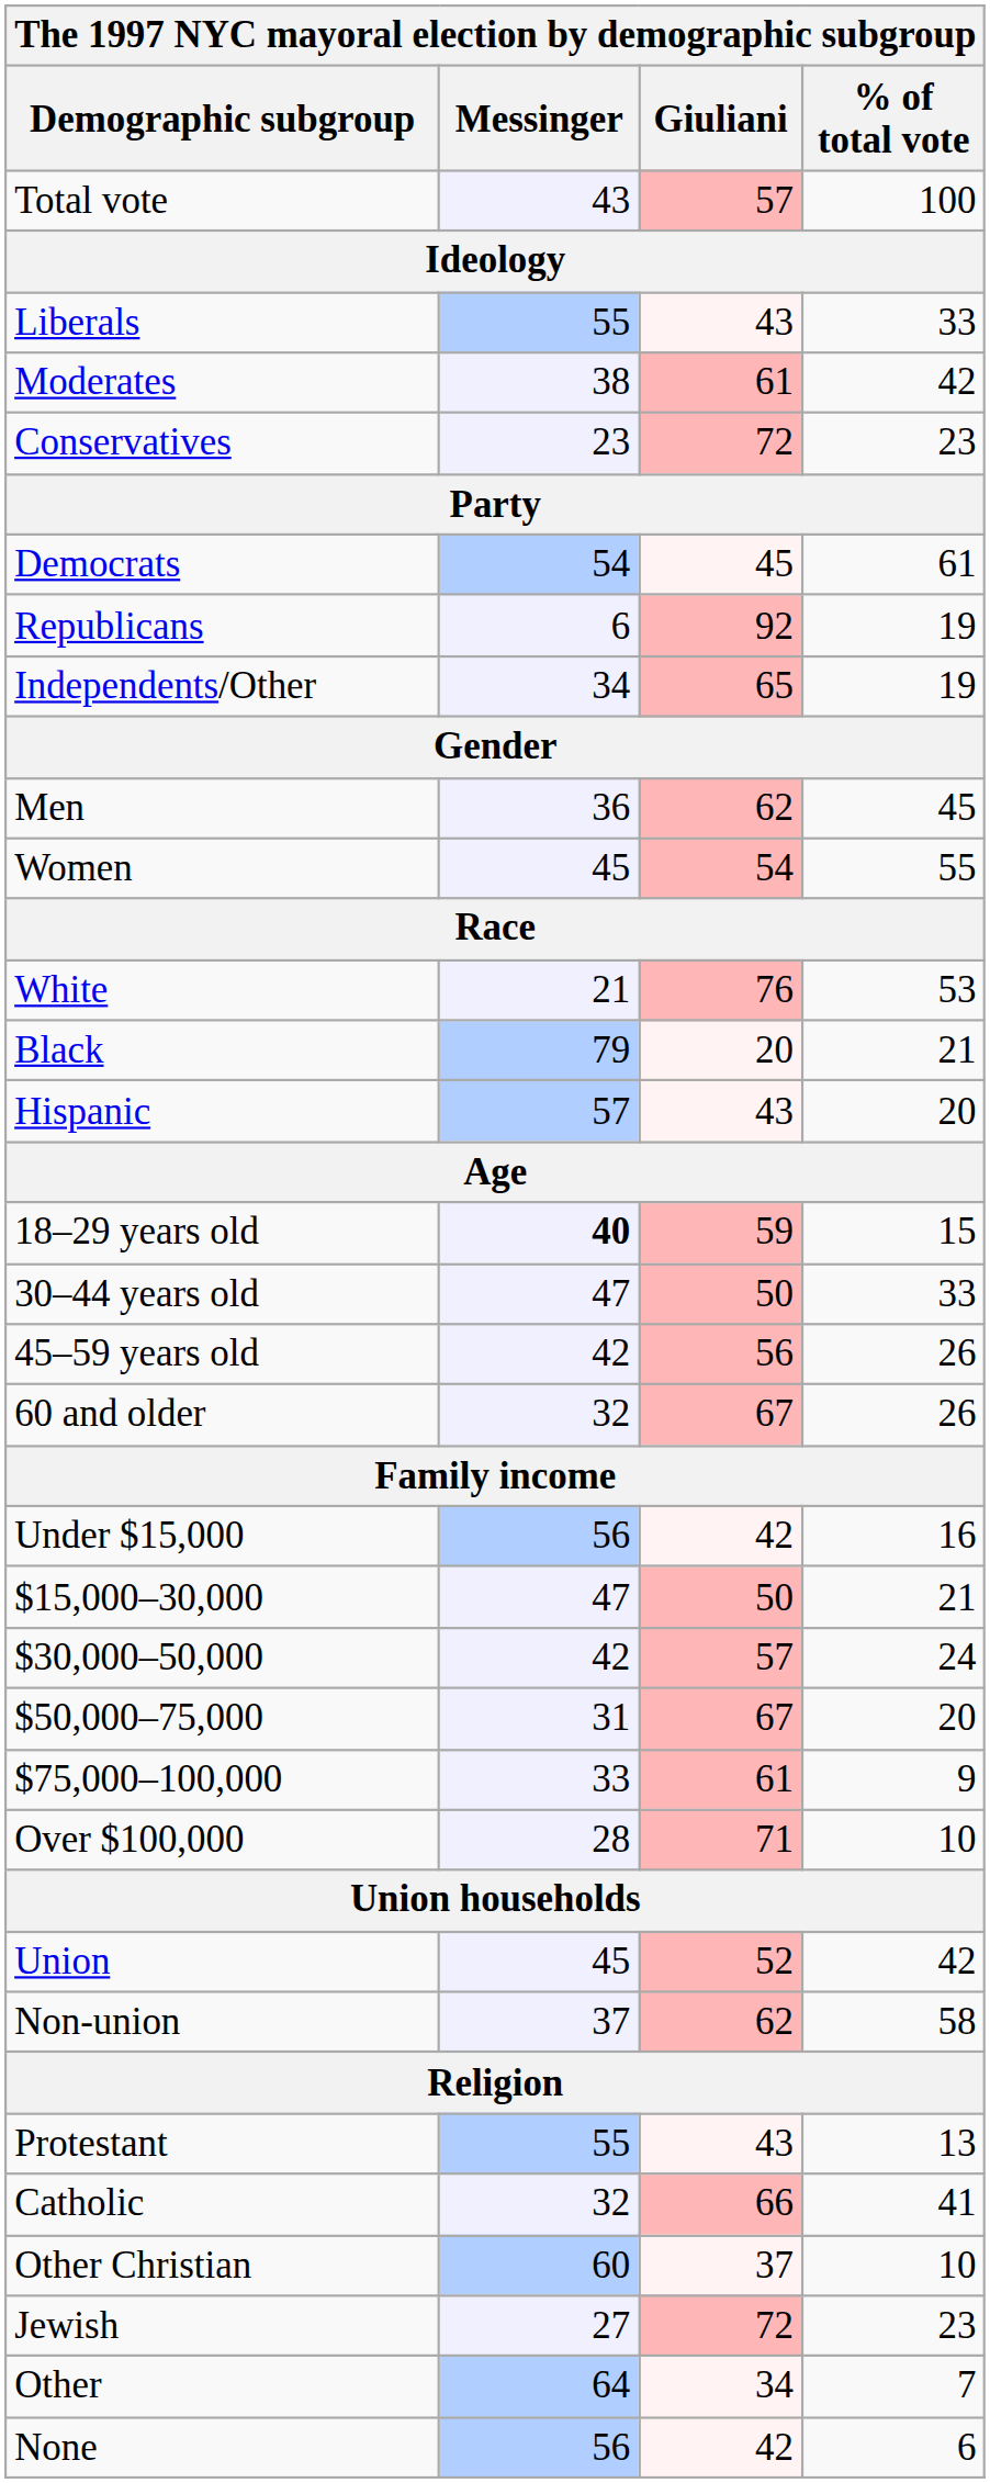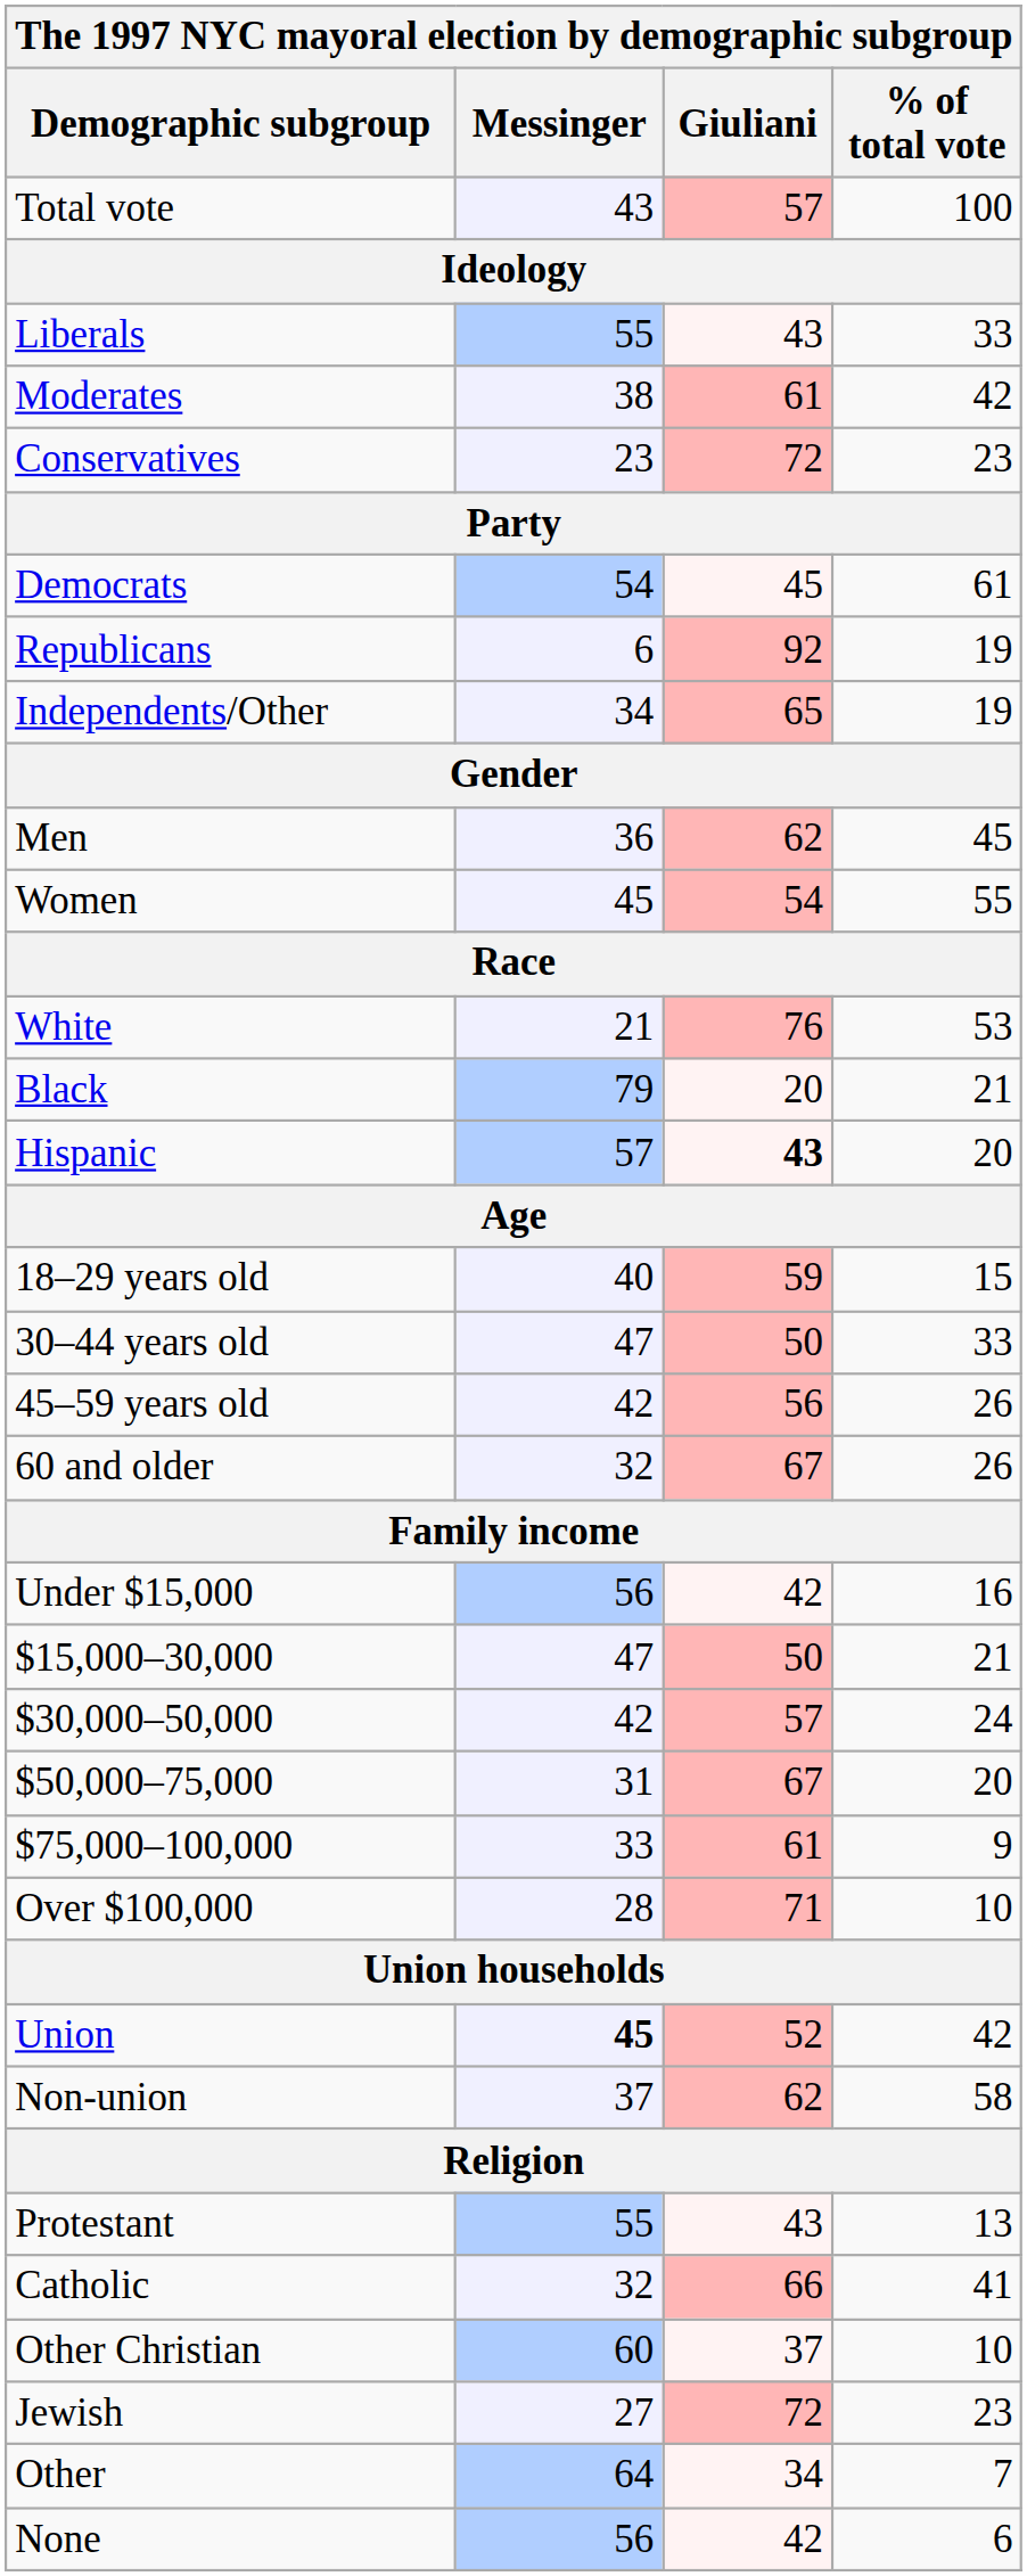 <table class=wikitable>
 <tr>
 <th colspan="8">The 1997 NYC mayoral election by demographic subgroup</th>
 </tr>
 <tr>
 <th>Demographic subgroup</th>
 <th>Messinger</th>
 <th>Giuliani</th>
 <th>% of<br>total vote</th>
 </tr>
 <tr>
 <td>Total vote</td>
 <td style="text-align:right; background:#f0f0ff;">43</td>
 <td style="text-align:right; background:#ffb6b6;">57</td>
 <td style="text-align:right;">100</td>
 </tr>
 <tr>
 <th colspan=5>Ideology</th>
 </tr>
 <tr>
 <td><a href='#'>Liberals</a></td>
 <td style="text-align:right; background:#b0ceff;">55</td>
 <td style="text-align:right; background:#fff3f3;">43</td>
 <td style="text-align:right;">33</td>
 </tr>
 <tr>
 <td><a href='#'>Moderates</a></td>
 <td style="text-align:right; background:#f0f0ff;">38</td>
 <td style="text-align:right; background:#ffb6b6;">61</td>
 <td style="text-align:right;">42</td>
 </tr>
 <tr>
 <td><a href='#'>Conservatives</a></td>
 <td style="text-align:right; background:#f0f0ff;">23</td>
 <td style="text-align:right; background:#ffb6b6;">72</td>
 <td style="text-align:right;">23</td>
 </tr>
 <tr>
 <th colspan=5>Party</th>
 </tr>
 <tr>
 <td><a href='#'>Democrats</a></td>
 <td style="text-align:right; background:#b0ceff;">54</td>
 <td style="text-align:right; background:#fff3f3;">45</td>
 <td style="text-align:right;">61</td>
 </tr>
 <tr>
 <td><a href='#'>Republicans</a></td>
 <td style="text-align:right; background:#f0f0ff;">6</td>
 <td style="text-align:right; background:#ffb6b6;">92</td>
 <td style="text-align:right;">19</td>
 </tr>
 <tr>
 <td><a href='#'>Independents</a>/Other</td>
 <td style="text-align:right; background:#f0f0ff;">34</td>
 <td style="text-align:right; background:#ffb6b6;">65</td>
 <td style="text-align:right;">19</td>
 </tr>
 <tr>
 <th colspan=5>Gender</th>
 </tr>
 <tr>
 <td>Men</td>
 <td style="text-align:right; background:#f0f0ff;">36</td>
 <td style="text-align:right; background:#ffb6b6;">62</td>
 <td style="text-align:right;">45</td>
 </tr>
 <tr>
 <td>Women</td>
 <td style="text-align:right; background:#f0f0ff;">45</td>
 <td style="text-align:right; background:#ffb6b6;">54</td>
 <td style="text-align:right;">55</td>
 </tr>
 <tr>
 <th colspan=5>Race</th>
 </tr>
 <tr>
 <td><a href='#'>White</a></td>
 <td style="text-align:right; background:#f0f0ff;">21</td>
 <td style="text-align:right; background:#ffb6b6;">76</td>
 <td style="text-align:right;">53</td>
 </tr>
 <tr>
 <td><a href='#'>Black</a></td>
 <td style="text-align:right; background:#b0ceff;">79</td>
 <td style="text-align:right; background:#fff3f3;">20</td>
 <td style="text-align:right;">21</td>
 </tr>
 <tr>
 <td><a href='#'>Hispanic</a></td>
 <td style="text-align:right; background:#b0ceff;">57</td>
-<td style="text-align:right; background:#fff3f3;">43</td>
+<td style="text-align:right; background:#fff3f3;"><strong>43</strong></td>
 <td style="text-align:right;">20</td>
 </tr>
 <tr>
 <th colspan=5>Age</th>
 </tr>
 <tr>
 <td>18–29 years old</td>
-<td style="text-align:right; background:#f0f0ff;"><strong>40</strong></td>
+<td style="text-align:right; background:#f0f0ff;">40</td>
 <td style="text-align:right; background:#ffb6b6;">59</td>
 <td style="text-align:right;">15</td>
 </tr>
 <tr>
 <td>30–44 years old</td>
 <td style="text-align:right; background:#f0f0ff;">47</td>
 <td style="text-align:right; background:#ffb6b6;">50</td>
 <td style="text-align:right;">33</td>
 </tr>
 <tr>
 <td>45–59 years old</td>
 <td style="text-align:right; background:#f0f0ff;">42</td>
 <td style="text-align:right; background:#ffb6b6;">56</td>
 <td style="text-align:right;">26</td>
 </tr>
 <tr>
 <td>60 and older</td>
 <td style="text-align:right; background:#f0f0ff;">32</td>
 <td style="text-align:right; background:#ffb6b6;">67</td>
 <td style="text-align:right;">26</td>
 </tr>
 <tr>
 <th colspan=5>Family income</th>
 </tr>
 <tr>
 <td>Under $15,000</td>
 <td style="text-align:right; background:#b0ceff;">56</td>
 <td style="text-align:right; background:#fff3f3;">42</td>
 <td style="text-align:right;">16</td>
 </tr>
 <tr>
 <td>$15,000–30,000</td>
 <td style="text-align:right; background:#f0f0ff;">47</td>
 <td style="text-align:right; background:#ffb6b6;">50</td>
 <td style="text-align:right;">21</td>
 </tr>
 <tr>
 <td>$30,000–50,000</td>
 <td style="text-align:right; background:#f0f0ff;">42</td>
 <td style="text-align:right; background:#ffb6b6;">57</td>
 <td style="text-align:right;">24</td>
 </tr>
 <tr>
 <td>$50,000–75,000</td>
 <td style="text-align:right; background:#f0f0ff;">31</td>
 <td style="text-align:right; background:#ffb6b6;">67</td>
 <td style="text-align:right;">20</td>
 </tr>
 <tr>
 <td>$75,000–100,000</td>
 <td style="text-align:right; background:#f0f0ff;">33</td>
 <td style="text-align:right; background:#ffb6b6;">61</td>
 <td style="text-align:right;">9</td>
 </tr>
 <tr>
 <td>Over $100,000</td>
 <td style="text-align:right; background:#f0f0ff;">28</td>
 <td style="text-align:right; background:#ffb6b6;">71</td>
 <td style="text-align:right;">10</td>
 </tr>
 <tr>
 <th colspan=5>Union households</th>
 </tr>
 <tr>
 <td><a href='#'>Union</a></td>
-<td style="text-align:right; background:#f0f0ff;">45</td>
+<td style="text-align:right; background:#f0f0ff;"><strong>45</strong></td>
 <td style="text-align:right; background:#ffb6b6;">52</td>
 <td style="text-align:right;">42</td>
 </tr>
 <tr>
 <td>Non-union</td>
 <td style="text-align:right; background:#f0f0ff;">37</td>
 <td style="text-align:right; background:#ffb6b6;">62</td>
 <td style="text-align:right;">58</td>
 </tr>
 <tr>
 <th colspan=5>Religion</th>
 </tr>
 <tr>
 <td>Protestant</td>
 <td style="text-align:right; background:#b0ceff;">55</td>
 <td style="text-align:right; background:#fff3f3;">43</td>
 <td style="text-align:right;">13</td>
 </tr>
 <tr>
 <td>Catholic</td>
 <td style="text-align:right; background:#f0f0ff;">32</td>
 <td style="text-align:right; background:#ffb6b6;">66</td>
 <td style="text-align:right;">41</td>
 </tr>
 <tr>
 <td>Other Christian</td>
 <td style="text-align:right; background:#b0ceff;">60</td>
 <td style="text-align:right; background:#fff3f3;">37</td>
 <td style="text-align:right;">10</td>
 </tr>
 <tr>
 <td>Jewish</td>
 <td style="text-align:right; background:#f0f0ff;">27</td>
 <td style="text-align:right; background:#ffb6b6;">72</td>
 <td style="text-align:right;">23</td>
 </tr>
 <tr>
 <td>Other</td>
 <td style="text-align:right; background:#b0ceff;">64</td>
 <td style="text-align:right; background:#fff3f3;">34</td>
 <td style="text-align:right;">7</td>
 </tr>
 <tr>
 <td>None</td>
 <td style="text-align:right; background:#b0ceff;">56</td>
 <td style="text-align:right; background:#fff3f3;">42</td>
 <td style="text-align:right;">6</td>
 </tr>
 <tr>
 </tr>
 </table>
